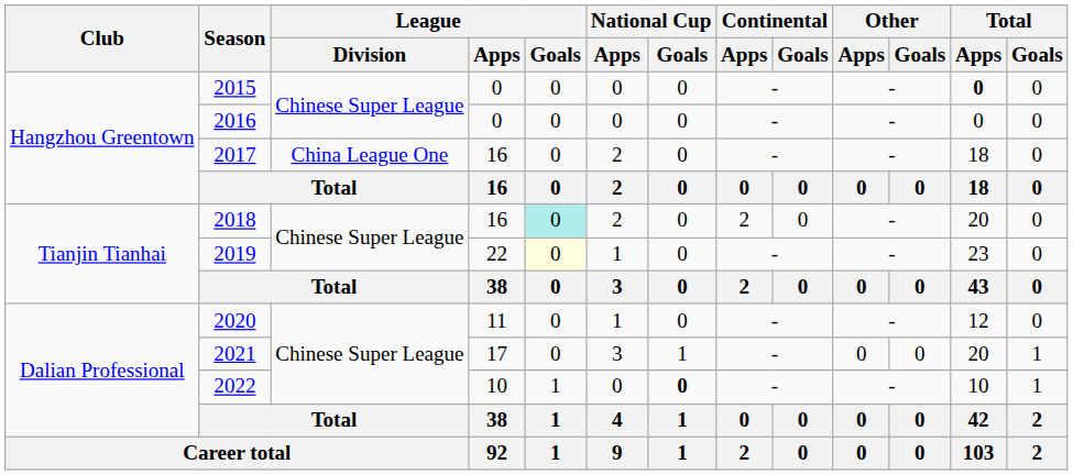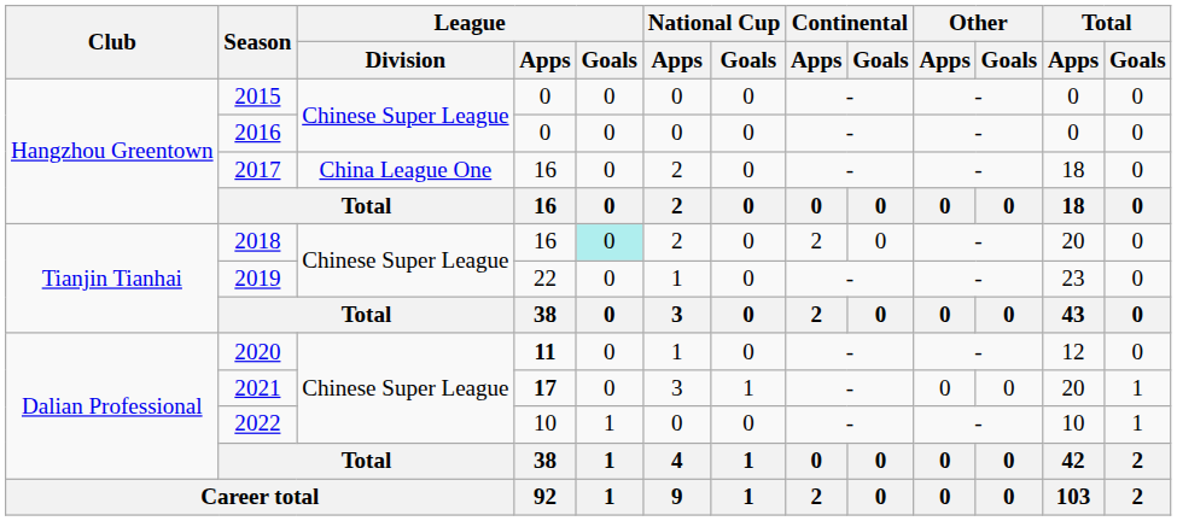 <table class="wikitable" style="text-align: center">
 <tr>
 <th rowspan="2">Club</th>
 <th rowspan="2">Season</th>
 <th colspan="3">League</th>
 <th colspan="2">National Cup</th>
 <th colspan="2">Continental</th>
 <th colspan="2">Other</th>
 <th colspan="2">Total</th>
 </tr>
 <tr>
 <th>Division</th>
 <th>Apps</th>
 <th>Goals</th>
 <th>Apps</th>
 <th>Goals</th>
 <th>Apps</th>
 <th>Goals</th>
 <th>Apps</th>
 <th>Goals</th>
 <th>Apps</th>
 <th>Goals</th>
 </tr>
 <tr>
 <td rowspan="4"><a href='#'>Hangzhou Greentown</a></td>
 <td><a href='#'>2015</a></td>
 <td rowspan="2"><a href='#'>Chinese Super League</a></td>
 <td>0</td>
 <td>0</td>
 <td>0</td>
 <td>0</td>
 <td colspan="2">-</td>
 <td colspan="2">-</td>
-<td><strong>0</strong></td>
+<td>0</td>
 <td>0</td>
 </tr>
 <tr>
 <td><a href='#'>2016</a></td>
 <td>0</td>
 <td>0</td>
 <td>0</td>
 <td>0</td>
 <td colspan="2">-</td>
 <td colspan="2">-</td>
 <td>0</td>
 <td>0</td>
 </tr>
 <tr>
 <td><a href='#'>2017</a></td>
 <td><a href='#'>China League One</a></td>
 <td>16</td>
 <td>0</td>
 <td>2</td>
 <td>0</td>
 <td colspan="2">-</td>
 <td colspan="2">-</td>
 <td>18</td>
 <td>0</td>
 </tr>
 <tr>
 <th colspan="2">Total</th>
 <th>16</th>
 <th>0</th>
 <th>2</th>
 <th>0</th>
 <th>0</th>
 <th>0</th>
 <th>0</th>
 <th>0</th>
 <th>18</th>
 <th>0</th>
 </tr>
 <tr>
 <td rowspan="3"><a href='#'>Tianjin Tianhai</a></td>
 <td><a href='#'>2018</a></td>
 <td rowspan="2">Chinese Super League</td>
 <td>16</td>
 <td style="background: paleturquoise;">0</td>
 <td>2</td>
 <td>0</td>
 <td>2</td>
 <td>0</td>
 <td colspan="2">-</td>
 <td>20</td>
 <td>0</td>
 </tr>
 <tr>
 <td><a href='#'>2019</a></td>
 <td>22</td>
-<td style="background: lightyellow;">0</td>
+<td>0</td>
 <td>1</td>
 <td>0</td>
 <td colspan="2">-</td>
 <td colspan="2">-</td>
 <td>23</td>
 <td>0</td>
 </tr>
 <tr>
 <th colspan="2">Total</th>
 <th>38</th>
 <th>0</th>
 <th>3</th>
 <th>0</th>
 <th>2</th>
 <th>0</th>
 <th>0</th>
 <th>0</th>
 <th>43</th>
 <th>0</th>
 </tr>
 <tr>
 <td rowspan="4"><a href='#'>Dalian Professional</a></td>
 <td><a href='#'>2020</a></td>
 <td rowspan="3">Chinese Super League</td>
-<td>11</td>
+<td><strong>11</strong></td>
 <td>0</td>
 <td>1</td>
 <td>0</td>
 <td colspan="2">-</td>
 <td colspan="2">-</td>
 <td>12</td>
 <td>0</td>
 </tr>
 <tr>
 <td><a href='#'>2021</a></td>
-<td>17</td>
+<td><strong>17</strong></td>
 <td>0</td>
 <td>3</td>
 <td>1</td>
 <td colspan="2">-</td>
 <td>0</td>
 <td>0</td>
 <td>20</td>
 <td>1</td>
 </tr>
 <tr>
 <td><a href='#'>2022</a></td>
 <td>10</td>
 <td>1</td>
 <td>0</td>
-<td><strong>0</strong></td>
+<td>0</td>
 <td colspan="2">-</td>
 <td colspan="2">-</td>
 <td>10</td>
 <td>1</td>
 </tr>
 <tr>
 <th colspan="2">Total</th>
 <th>38</th>
 <th>1</th>
 <th>4</th>
 <th>1</th>
 <th>0</th>
 <th>0</th>
 <th>0</th>
 <th>0</th>
 <th>42</th>
 <th>2</th>
 </tr>
 <tr>
 <th colspan=3>Career total</th>
 <th>92</th>
 <th>1</th>
 <th>9</th>
 <th>1</th>
 <th>2</th>
 <th>0</th>
 <th>0</th>
 <th>0</th>
 <th>103</th>
 <th>2</th>
 </tr>
 </table>
